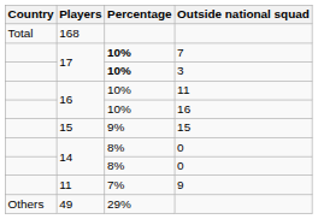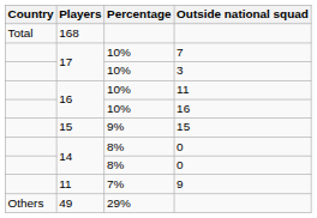 <table class="wikitable sortable">
 <tr>
 <th>Country</th>
 <th>Players</th>
 <th>Percentage</th>
 <th>Outside national squad</th>
 </tr>
 <tr>
 <td>Total</td>
 <td>168</td>
 <td></td>
 <td></td>
 </tr>
 <tr>
 <td></td>
 <td rowspan="2">17</td>
-<td><strong>10%</strong></td>
+<td>10%</td>
 <td>7</td>
 </tr>
 <tr>
 <td></td>
-<td><strong>10%</strong></td>
+<td>10%</td>
 <td>3</td>
 </tr>
 <tr>
 <td></td>
 <td rowspan="2">16</td>
 <td>10%</td>
 <td>11</td>
 </tr>
 <tr>
 <td></td>
 <td>10%</td>
 <td>16</td>
 </tr>
 <tr>
 <td></td>
 <td>15</td>
 <td>9%</td>
 <td>15</td>
 </tr>
 <tr>
 <td></td>
 <td rowspan="2">14</td>
 <td>8%</td>
 <td>0</td>
 </tr>
 <tr>
 <td></td>
 <td>8%</td>
 <td>0</td>
 </tr>
 <tr>
 <td></td>
 <td>11</td>
 <td>7%</td>
 <td>9</td>
 </tr>
 <tr>
 <td>Others</td>
 <td>49</td>
 <td>29%</td>
 <td></td>
 </tr>
 </table>
